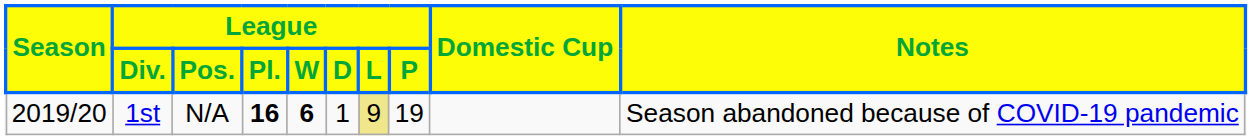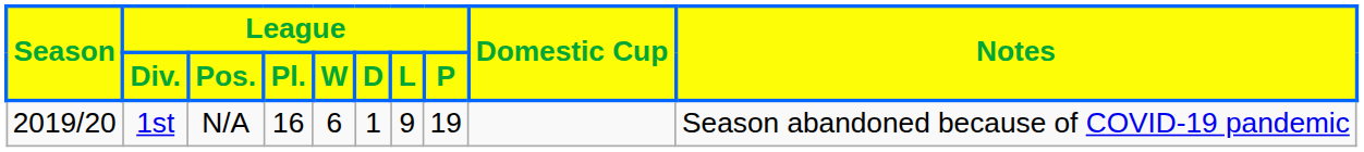 <table class="wikitable">
 <tr style="background:#FDFD07;">
 <th rowspan="2" ! style="background:#FDFD07; color:#01A638; border:2px solid #0066FF;" scope="col">Season</th>
 <th colspan="7" ! style="background:#FDFD07; color:#01A638; border:2px solid #0066FF;" scope="col">League</th>
 <th rowspan="2" ! style="background:#FDFD07; color:#01A638; border:2px solid #0066FF;" scope="col">Domestic Cup</th>
 <th rowspan="2" ! style="background:#FDFD07; color:#01A638; border:2px solid #0066FF;" scope="col">Notes</th>
 </tr>
 <tr>
 <th style="background:#FDFD07; color:#01A638; border:2px solid #0066FF;" scope="col">Div.</th>
 <th style="background:#FDFD07; color:#01A638; border:2px solid #0066FF;" scope="col">Pos.</th>
 <th style="background:#FDFD07; color:#01A638; border:2px solid #0066FF;" scope="col">Pl.</th>
 <th style="background:#FDFD07; color:#01A638; border:2px solid #0066FF;" scope="col">W</th>
 <th style="background:#FDFD07; color:#01A638; border:2px solid #0066FF;" scope="col">D</th>
 <th style="background:#FDFD07; color:#01A638; border:2px solid #0066FF;" scope="col">L</th>
 <th style="background:#FDFD07; color:#01A638; border:2px solid #0066FF;" scope="col">P</th>
 </tr>
 <tr>
 <td align=center>2019/20</td>
 <td align=center><a href='#'>1st</a></td>
 <td style="text-align:center; ">N/A</td>
-<td align=center><strong>16</strong></td>
-<td align=center><strong>6</strong></td>
+<td align=center>16</td>
+<td align=center>6</td>
 <td align=center>1</td>
-<td align=center style="background: khaki;">9</td>
+<td align=center>9</td>
 <td align=center>19</td>
 <td align=center></td>
 <td>Season abandoned because of <a href='#'>COVID-19 pandemic</a></td>
 </tr>
 </table>
